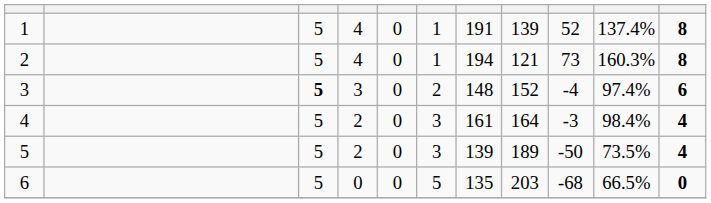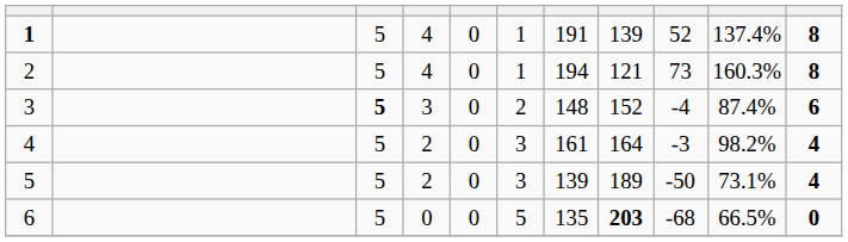 <table class="wikitable" style="text-align:center; font-size:95%">
 <tr>
 <th width="25"></th>
 <th width="200"></th>
 <th width="25"></th>
 <th width="25"></th>
 <th width="25"></th>
 <th width="25"></th>
 <th width="30"></th>
 <th width="30"></th>
 <th width="30"></th>
 <th width="30"></th>
 <th width="30"></th>
 </tr>
 <tr style="background:#">
-<td>1</td>
+<td><strong>1</strong></td>
 <td style="text-align:left"></td>
 <td>5</td>
 <td>4</td>
 <td>0</td>
 <td>1</td>
 <td>191</td>
 <td>139</td>
 <td>52</td>
 <td>137.4%</td>
 <td><strong>8</strong></td>
 </tr>
 <tr style="background:#">
 <td>2</td>
 <td style="text-align:left"></td>
 <td>5</td>
 <td>4</td>
 <td>0</td>
 <td>1</td>
 <td>194</td>
 <td>121</td>
 <td>73</td>
 <td>160.3%</td>
 <td><strong>8</strong></td>
 </tr>
 <tr style="background:#">
 <td>3</td>
 <td style="text-align:left"></td>
 <td><strong>5</strong></td>
 <td>3</td>
 <td>0</td>
 <td>2</td>
 <td>148</td>
 <td>152</td>
 <td>-4</td>
-<td>97.4%</td>
+<td>87.4%</td>
 <td><strong>6</strong></td>
 </tr>
 <tr style="background:#">
 <td>4</td>
 <td style="text-align:left"></td>
 <td>5</td>
 <td>2</td>
 <td>0</td>
 <td>3</td>
 <td>161</td>
 <td>164</td>
 <td>-3</td>
-<td>98.4%</td>
+<td>98.2%</td>
 <td><strong>4</strong></td>
 </tr>
 <tr style="background-color:#">
 <td>5</td>
 <td style="text-align:left"></td>
 <td>5</td>
 <td>2</td>
 <td>0</td>
 <td>3</td>
 <td>139</td>
 <td>189</td>
 <td>-50</td>
-<td>73.5%</td>
+<td>73.1%</td>
 <td><strong>4</strong></td>
 </tr>
 <tr style="background-color:#">
 <td>6</td>
 <td style="text-align:left"></td>
 <td>5</td>
 <td>0</td>
 <td>0</td>
 <td>5</td>
 <td>135</td>
-<td>203</td>
+<td><strong>203</strong></td>
 <td>-68</td>
 <td>66.5%</td>
 <td><strong>0</strong></td>
 </tr>
 <tr>
 </tr>
 </table>
